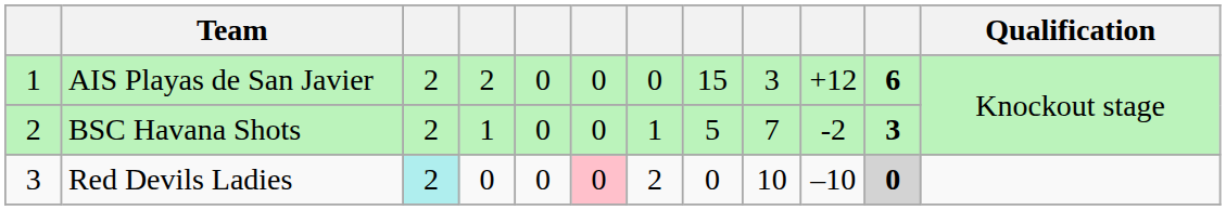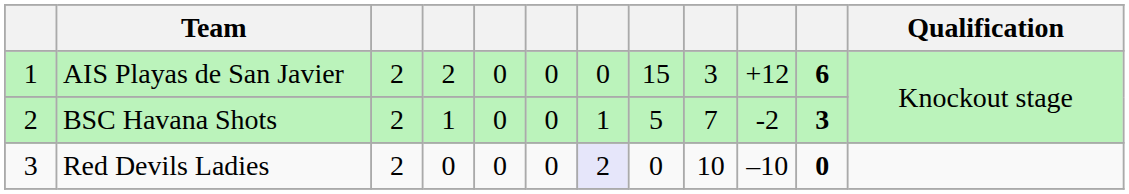 <table class="wikitable" style="font-size: 95%">
 <tr>
 <th width="25"></th>
 <th width="200">Team</th>
 <th width="25"></th>
 <th width="25"></th>
 <th width="25"></th>
 <th width="25"></th>
 <th width="25"></th>
 <th width="25"></th>
 <th width="25"></th>
 <th width="25"></th>
 <th width="25"></th>
 <th width="160">Qualification</th>
 </tr>
 <tr align=center bgcolor=#bbf3bb>
 <td>1</td>
 <td align=left> AIS Playas de San Javier</td>
 <td>2</td>
 <td>2</td>
 <td>0</td>
 <td>0</td>
 <td>0</td>
 <td>15</td>
 <td>3</td>
 <td>+12</td>
 <td><strong>6</strong></td>
 <td rowspan=2>Knockout stage</td>
 </tr>
 <tr align=center bgcolor=#bbf3bb>
 <td>2</td>
 <td align=left> BSC Havana Shots</td>
 <td>2</td>
 <td>1</td>
 <td>0</td>
 <td>0</td>
 <td>1</td>
 <td>5</td>
 <td>7</td>
 <td>-2</td>
 <td><strong>3</strong></td>
 </tr>
 <tr align=center>
 <td>3</td>
 <td align=left> Red Devils Ladies</td>
-<td style="background: paleturquoise;">2</td>
+<td>2</td>
 <td>0</td>
 <td>0</td>
-<td style="background: pink;">0</td>
-<td>2</td>
+<td>0</td>
+<td style="background: lavender;">2</td>
 <td>0</td>
 <td>10</td>
 <td>–10</td>
-<td style="background: lightgrey;"><strong>0</strong></td>
+<td><strong>0</strong></td>
 <td></td>
 </tr>
 </table>
